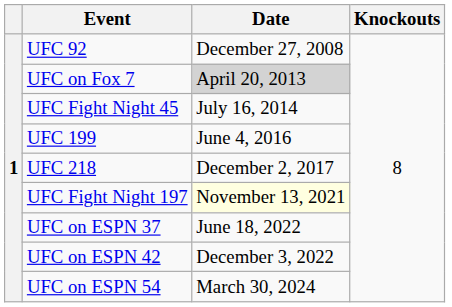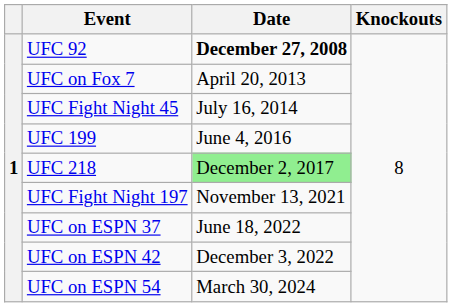 <table class=wikitable>
 <tr>
 <th></th>
 <th>Event</th>
 <th>Date</th>
 <th>Knockouts</th>
 </tr>
 <tr>
 <th rowspan=9>1</th>
 <td><a href='#'>UFC 92</a></td>
-<td>December 27, 2008</td>
+<td><strong>December 27, 2008</strong></td>
 <td rowspan=9 align=center>8</td>
 </tr>
 <tr>
 <td><a href='#'>UFC on Fox 7</a></td>
-<td style="background: lightgrey;">April 20, 2013</td>
+<td>April 20, 2013</td>
 </tr>
 <tr>
 <td><a href='#'>UFC Fight Night 45</a></td>
 <td>July 16, 2014</td>
 </tr>
 <tr>
 <td><a href='#'>UFC 199</a></td>
 <td>June 4, 2016</td>
 </tr>
 <tr>
 <td><a href='#'>UFC 218</a></td>
-<td>December 2, 2017</td>
+<td style="background: lightgreen;">December 2, 2017</td>
 </tr>
 <tr>
 <td><a href='#'>UFC Fight Night 197</a></td>
-<td style="background: lightyellow;">November 13, 2021</td>
+<td>November 13, 2021</td>
 </tr>
 <tr>
 <td><a href='#'>UFC on ESPN 37</a></td>
 <td>June 18, 2022</td>
 </tr>
 <tr>
 <td><a href='#'>UFC on ESPN 42</a></td>
 <td>December 3, 2022</td>
 </tr>
 <tr>
 <td><a href='#'>UFC on ESPN 54</a></td>
 <td>March 30, 2024</td>
 </tr>
 </table>
